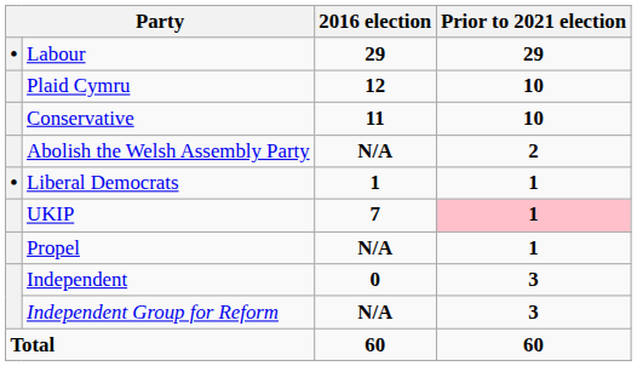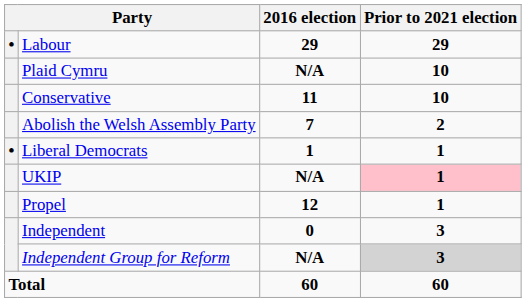 <table class="wikitable">
 <tr>
 <th colspan="2">Party</th>
 <th>2016 election</th>
 <th>Prior to 2021 election</th>
 </tr>
 <tr>
 <th style="background-color: "><span>•</span></th>
 <td><a href='#'>Labour</a></td>
 <td align="center"><strong>29</strong></td>
 <td align="center"><strong>29</strong></td>
 </tr>
 <tr>
 <th style="color:inherit;background-color: "></th>
 <td><a href='#'>Plaid Cymru</a></td>
-<td align="center"><strong>12</strong></td>
+<td align="center"><strong>N/A</strong></td>
 <td align="center"><strong>10</strong></td>
 </tr>
 <tr>
 <th style="color:inherit;background-color: "></th>
 <td><a href='#'>Conservative</a></td>
 <td align="center"><strong>11</strong></td>
 <td align="center"><strong>10</strong></td>
 </tr>
 <tr>
 <th style="color:inherit;background-color: "></th>
 <td><a href='#'>Abolish the Welsh Assembly Party</a></td>
-<td align="center"><strong>N/A</strong></td>
+<td align="center"><strong>7</strong></td>
 <td align="center"><strong>2</strong></td>
 </tr>
 <tr>
 <th style="background-color: "><span>•</span></th>
 <td><a href='#'>Liberal Democrats</a></td>
 <td align="center"><strong>1</strong></td>
 <td align="center"><strong>1</strong></td>
 </tr>
 <tr>
 <th style="color:inherit;background-color: "></th>
 <td><a href='#'>UKIP</a></td>
-<td align="center"><strong>7</strong></td>
+<td align="center"><strong>N/A</strong></td>
 <td align="center" style="background: pink;"><strong>1</strong></td>
 </tr>
 <tr>
 <th style="color:inherit;background-color: "></th>
 <td><a href='#'>Propel</a></td>
-<td align="center"><strong>N/A</strong></td>
+<td align="center"><strong>12</strong></td>
 <td align="center"><strong>1</strong></td>
 </tr>
 <tr>
 <th rowspan="2" style="background-color: "></th>
 <td><a href='#'>Independent</a></td>
 <td align="center"><strong>0</strong></td>
 <td align="center"><strong>3</strong></td>
 </tr>
 <tr>
 <td><a href='#'><em>Independent Group for Reform</em></a></td>
 <td align="center"><strong>N/A</strong></td>
-<td align="center"><strong>3</strong></td>
+<td align="center" style="background: lightgrey;"><strong>3</strong></td>
 </tr>
 <tr>
 <td colspan="2"><strong>Total</strong></td>
 <td align="center"><strong>60</strong></td>
 <td align="center"><strong>60</strong></td>
 </tr>
 </table>
